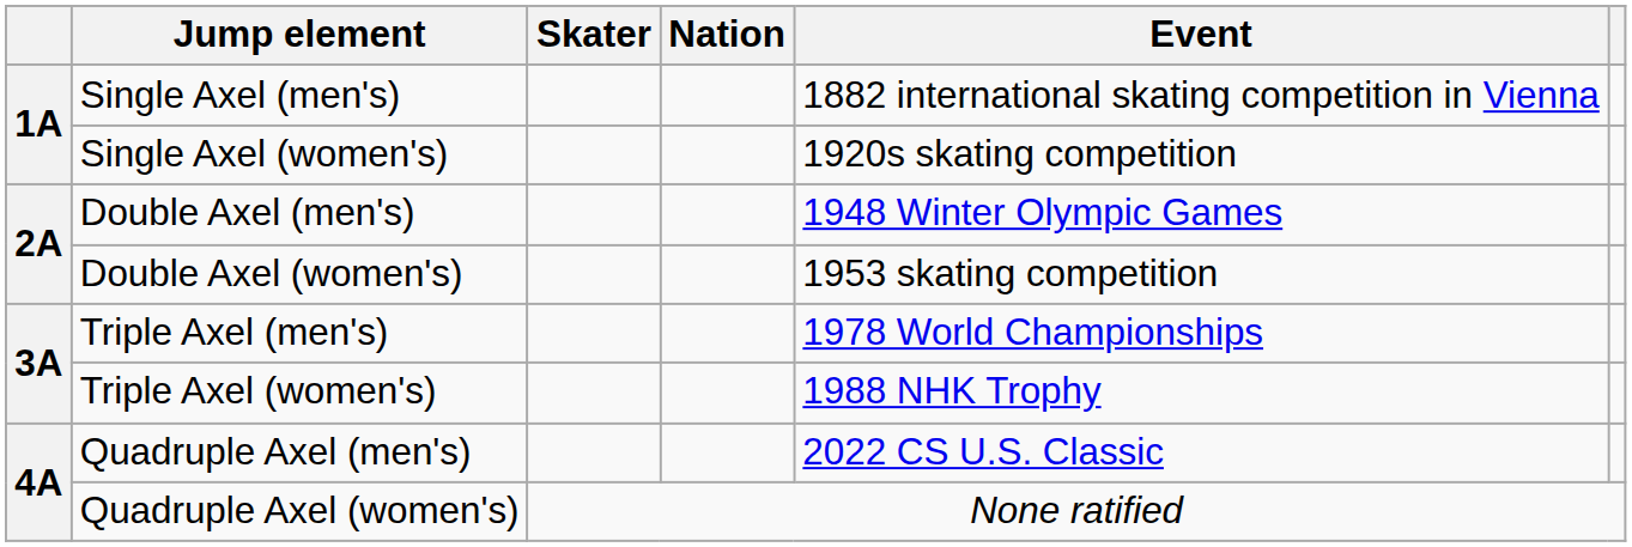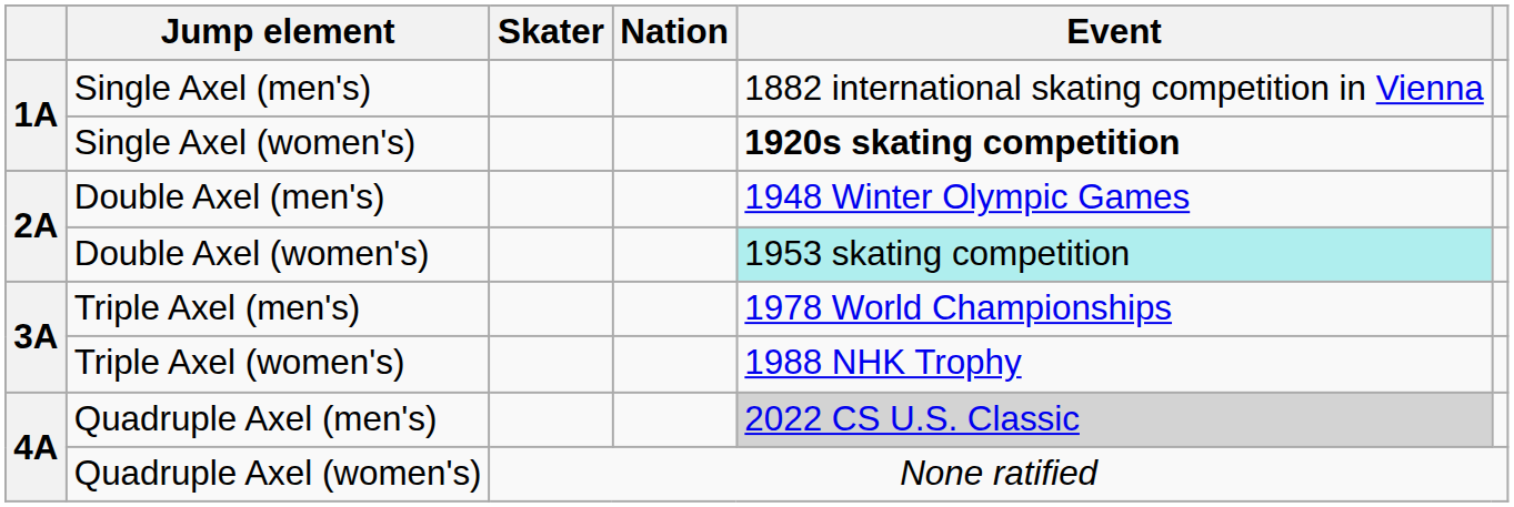 <table class="wikitable sortable">
 <tr>
 <th scope=col></th>
 <th scope=col>Jump element</th>
 <th scope=col>Skater</th>
 <th scope=col>Nation</th>
 <th scope=col>Event</th>
 <th scope=col class="unsortable"></th>
 </tr>
 <tr>
 <th scope=row rowspan=2>1A</th>
 <td>Single Axel (men's)</td>
 <td></td>
 <td></td>
 <td>1882 international skating competition in <a href='#'>Vienna</a></td>
 <td></td>
 </tr>
 <tr>
 <td>Single Axel (women's)</td>
 <td></td>
 <td></td>
-<td>1920s skating competition</td>
+<td><strong>1920s skating competition</strong></td>
 <td></td>
 </tr>
 <tr>
 <th scope=row rowspan=2>2A</th>
 <td>Double Axel (men's)</td>
 <td></td>
 <td></td>
 <td><a href='#'>1948 Winter Olympic Games</a></td>
 <td></td>
 </tr>
 <tr>
 <td>Double Axel (women's)</td>
 <td></td>
 <td></td>
-<td>1953 skating competition</td>
+<td style="background: paleturquoise;">1953 skating competition</td>
 <td></td>
 </tr>
 <tr>
 <th scope=row rowspan=2>3A</th>
 <td>Triple Axel (men's)</td>
 <td></td>
 <td></td>
 <td><a href='#'>1978 World Championships</a></td>
 <td></td>
 </tr>
 <tr>
 <td>Triple Axel (women's)</td>
 <td></td>
 <td></td>
 <td><a href='#'>1988 NHK Trophy</a></td>
 <td></td>
 </tr>
 <tr>
 <th scope=row rowspan=2>4A</th>
 <td>Quadruple Axel (men's)</td>
 <td></td>
 <td></td>
-<td><a href='#'>2022 CS U.S. Classic</a></td>
+<td style="background: lightgrey;"><a href='#'>2022 CS U.S. Classic</a></td>
 <td></td>
 </tr>
 <tr>
 <td>Quadruple Axel (women's)</td>
 <td colspan=4 align=center><em>None ratified</em></td>
 </tr>
 </table>
